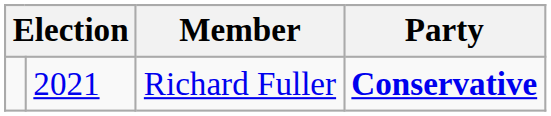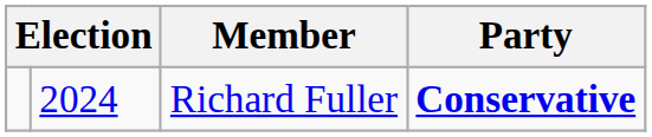 <table class="wikitable">
 <tr>
 <th colspan="2">Election</th>
 <th>Member</th>
 <th>Party</th>
 </tr>
 <tr>
 <td style="color:inherit;background-color: "></td>
-<td><a href='#'>2021</a></td>
+<td><a href='#'>2024</a></td>
 <td><a href='#'>Richard Fuller</a></td>
 <td><strong><a href='#'>Conservative</a></strong></td>
 </tr>
 </table>
